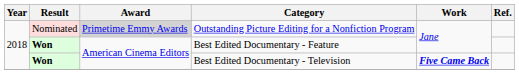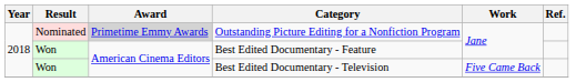 <table class="wikitable">
 <tr>
 <th>Year</th>
 <th>Result</th>
 <th>Award</th>
 <th>Category</th>
 <th>Work</th>
 <th>Ref.</th>
 </tr>
 <tr>
 <td rowspan="3">2018</td>
 <td style="background: #ffdddd">Nominated</td>
 <td style="background: lightgrey;"><a href='#'>Primetime Emmy Awards</a></td>
 <td><a href='#'>Outstanding Picture Editing for a Nonfiction Program</a></td>
 <td rowspan="2"><em><a href='#'>Jane</a></em></td>
 <td></td>
 </tr>
 <tr>
-<td style="background: #ddffdd"><strong>Won</strong></td>
+<td style="background: #ddffdd">Won</td>
 <td rowspan="2"><a href='#'>American Cinema Editors</a></td>
 <td>Best Edited Documentary - Feature</td>
 <td></td>
 </tr>
 <tr>
-<td style="background: #ddffdd"><strong>Won</strong></td>
+<td style="background: #ddffdd">Won</td>
 <td>Best Edited Documentary - Television</td>
-<td><strong><em><a href='#'>Five Came Back</a></em></strong></td>
+<td><em><a href='#'>Five Came Back</a></em></td>
 <td></td>
 </tr>
 <tr>
 </tr>
 </table>
